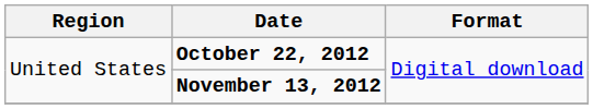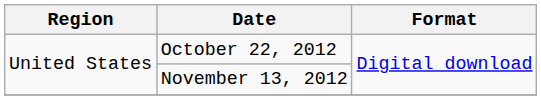 <table class="wikitable">
 <tr>
 <th>Region</th>
 <th>Date</th>
 <th>Format</th>
 </tr>
 <tr>
 <td rowspan="2">United States</td>
-<td rowspan="1"><strong>October 22, 2012</strong></td>
+<td rowspan="1">October 22, 2012</td>
 <td rowspan="2"><a href='#'>Digital download</a></td>
 </tr>
 <tr>
-<td rowspan="1"><strong>November 13, 2012</strong></td>
+<td rowspan="1">November 13, 2012</td>
 </tr>
 <tr>
 </tr>
 </table>
